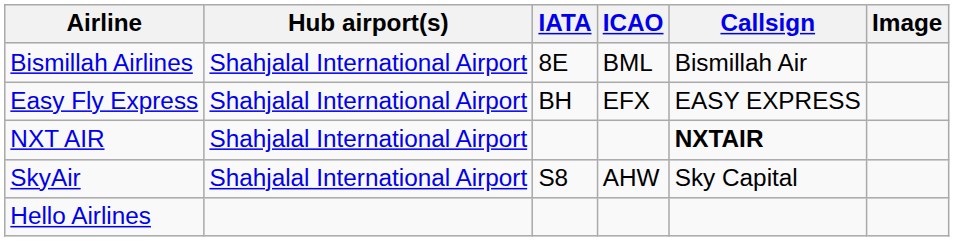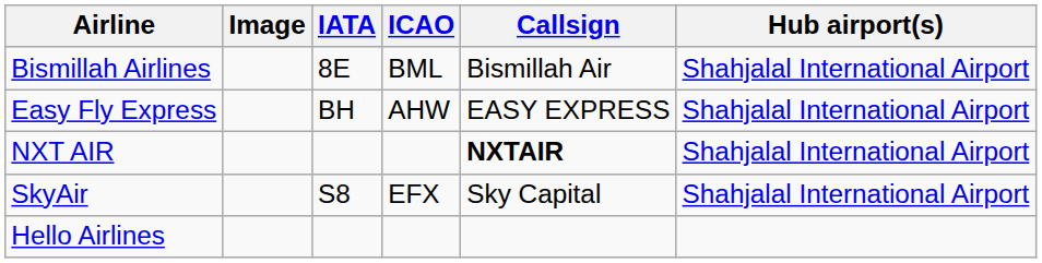 <table class="wikitable sortable static-row-numbers static-row-header-text" style="border: 1; cellpadding: 2; cellspacing: 3;">
 <tr valign="right">
 <th>Airline</th>
-<th>Hub airport(s)</th>
+<th>Image</th>
 <th><a href='#'>IATA</a></th>
 <th><a href='#'>ICAO</a></th>
 <th><a href='#'>Callsign</a></th>
-<th>Image</th>
+<th>Hub airport(s)</th>
 </tr>
 <tr>
 <td><a href='#'>Bismillah Airlines</a></td>
-<td><a href='#'>Shahjalal International Airport</a></td>
+<td></td>
 <td>8E</td>
 <td>BML</td>
 <td>Bismillah Air</td>
-<td></td>
+<td><a href='#'>Shahjalal International Airport</a></td>
 </tr>
 <tr>
 <td><a href='#'>Easy Fly Express</a></td>
+<td></td>
+<td>BH</td>
+<td>AHW</td>
+<td>EASY EXPRESS</td>
 <td><a href='#'>Shahjalal International Airport</a></td>
-<td>BH</td>
-<td>EFX</td>
-<td>EASY EXPRESS</td>
-<td></td>
 </tr>
 <tr>
 <td><a href='#'>NXT AIR</a></td>
-<td><a href='#'>Shahjalal International Airport</a></td>
+<td></td>
 <td></td>
 <td></td>
 <td><strong>NXTAIR</strong></td>
-<td></td>
+<td><a href='#'>Shahjalal International Airport</a></td>
 </tr>
 <tr>
 <td><a href='#'>SkyAir</a></td>
+<td></td>
+<td>S8</td>
+<td>EFX</td>
+<td>Sky Capital</td>
 <td><a href='#'>Shahjalal International Airport</a></td>
-<td>S8</td>
-<td>AHW</td>
-<td>Sky Capital</td>
-<td></td>
 </tr>
 <tr>
 <td><a href='#'>Hello Airlines</a></td>
 <td></td>
 <td></td>
 <td></td>
 <td></td>
 <td></td>
 </tr>
 </table>
